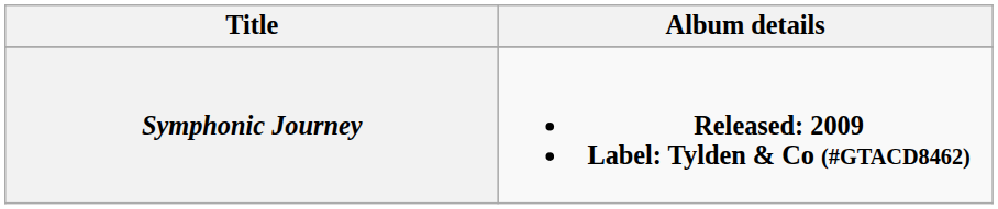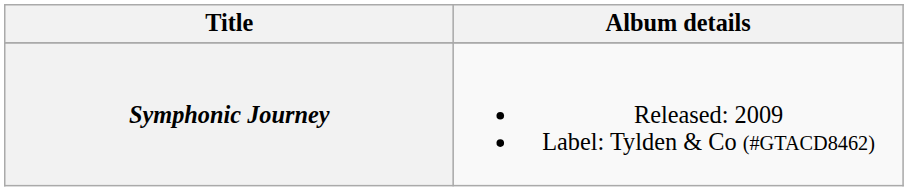 <table class="wikitable plainrowheaders" style="text-align:center;">
 <tr>
 <th style="width:18em;">Title</th>
 <th style="width:18em;">Album details</th>
 </tr>
 <tr>
 </tr>
 <tr>
 <th scope="row"><em>Symphonic Journey</em></th>
-<td><strong><br><ul><li>Released: 2009</li><li>Label: Tylden & Co <small>(#GTACD8462)</small></li></ul></strong></td>
+<td><br><ul><li>Released: 2009</li><li>Label: Tylden & Co <small>(#GTACD8462)</small></li></ul></td>
 </tr>
 </table>
